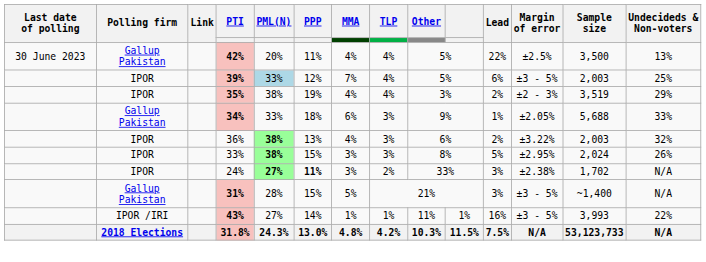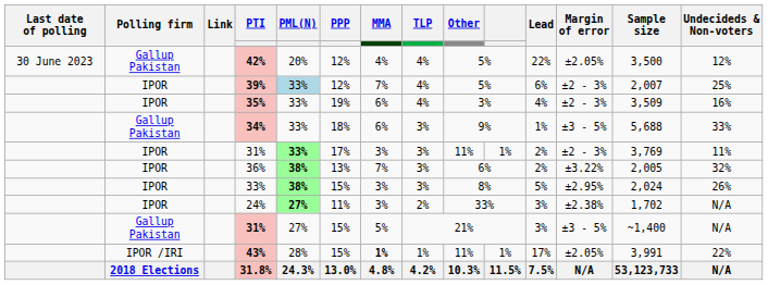 <table class="wikitable sortable" style="text-align:center;font-size:90%;line-height:14px">
 <tr style="height:40px;">
 <th rowspan="2" style="width:105px;">Last date<br>of polling</th>
 <th rowspan="2" style="width:105px;">Polling firm</th>
 <th rowspan="2">Link</th>
 <th class="unsortable" style="width:40px;"><a href='#'>PTI</a></th>
 <th class="unsortable" style="width:40px;"><a href='#'>PML(N)</a></th>
 <th class="unsortable" style="width:40px;"><a href='#'>PPP</a></th>
 <th class="unsortable" style="width:40px;"><a href='#'>MMA</a></th>
 <th class="unsortable" style="width:40px;"><a href='#'>TLP</a></th>
 <th class="unsortable" style="width:40px;"><a href='#'>Other</a></th>
 <th class="unsortable" style="width:40px;"></th>
 <th rowspan="2">Lead</th>
 <th rowspan="2">Margin<br>of error</th>
 <th rowspan="2">Sample<br>size</th>
 <th rowspan="2">Undecideds &<br>Non-voters</th>
 </tr>
 <tr>
 <th style="background:"></th>
 <th style="background:"></th>
 <th style="background:"></th>
 <th style="background:#004000;" data-sort-type="number"></th>
 <th style="background:#01B045;" data-sort-type="number"></th>
 <th style="background:#888888;" data-sort-type="number"></th>
 <th style="background:"></th>
 </tr>
 <tr>
 <td>30 June 2023</td>
 <td><a href='#'>Gallup Pakistan</a></td>
 <td></td>
 <td style="background:rgb(248, 193, 190)"><strong>42%</strong></td>
 <td>20%</td>
-<td>11%</td>
+<td>12%</td>
 <td>4%</td>
 <td>4%</td>
 <td colspan="2">5%</td>
 <td style="background:"><span>22%</span></td>
-<td>±2.5%</td>
+<td>±2.05%</td>
 <td>3,500</td>
-<td>13%</td>
+<td>12%</td>
 </tr>
 <tr>
 <td></td>
 <td>IPOR</td>
 <td></td>
 <td style="background:rgb(248, 193, 190)"><strong>39%</strong></td>
 <td style="background: lightblue;">33%</td>
 <td>12%</td>
 <td>7%</td>
 <td>4%</td>
 <td colspan = "2">5%</td>
 <td style="background:"><span>6%</span></td>
-<td>±3 - 5%</td>
-<td>2,003</td>
+<td>±2 - 3%</td>
+<td>2,007</td>
 <td>25%</td>
 </tr>
 <tr>
 <td></td>
 <td>IPOR</td>
 <td></td>
 <td style="background:rgb(248, 193, 190)"><strong>35%</strong></td>
-<td>38%</td>
+<td>33%</td>
 <td>19%</td>
-<td>4%</td>
+<td>6%</td>
 <td>4%</td>
 <td colspan = "2">3%</td>
-<td style="background:"><span>2%</span></td>
+<td style="background:"><span>4%</span></td>
 <td>±2 - 3%</td>
-<td>3,519</td>
-<td>29%</td>
+<td>3,509</td>
+<td>16%</td>
 </tr>
 <tr>
 <td></td>
 <td><a href='#'>Gallup Pakistan</a></td>
 <td></td>
 <td style="background:rgb(248, 193, 190)"><strong>34%</strong></td>
 <td>33%</td>
 <td>18%</td>
 <td>6%</td>
 <td>3%</td>
 <td colspan = "2">9%</td>
 <td style="background:"><span>1%</span></td>
-<td>±2.05%</td>
+<td>±3 - 5%</td>
 <td>5,688</td>
 <td>33%</td>
+</tr>
+<tr>
+<td></td>
+<td>IPOR</td>
+<td></td>
+<td>31%</td>
+<td style="background:rgb(153, 255, 153)"><strong>33%</strong></td>
+<td>17%</td>
+<td>3%</td>
+<td>3%</td>
+<td>11%</td>
+<td>1%</td>
+<td style="background:"><span>2%</span></td>
+<td>±2 - 3%</td>
+<td>3,769</td>
+<td>11%</td>
 </tr>
 <tr>
 <td></td>
 <td>IPOR</td>
 <td></td>
 <td>36%</td>
 <td style="background:rgb(153, 255, 153)"><strong>38%</strong></td>
 <td>13%</td>
-<td>4%</td>
+<td>7%</td>
 <td>3%</td>
 <td colspan = "2">6%</td>
 <td style="background:"><span>2%</span></td>
 <td>±3.22%</td>
-<td>2,003</td>
+<td>2,005</td>
 <td>32%</td>
 </tr>
 <tr>
 <td></td>
 <td>IPOR</td>
 <td></td>
 <td>33%</td>
 <td style="background:rgb(153, 255, 153)"><strong>38%</strong></td>
 <td>15%</td>
 <td>3%</td>
 <td>3%</td>
 <td colspan = "2">8%</td>
 <td style="background:"><span>5%</span></td>
 <td>±2.95%</td>
 <td>2,024</td>
 <td>26%</td>
 </tr>
 <tr>
 <td></td>
 <td>IPOR</td>
 <td></td>
 <td>24%</td>
 <td style="background:rgb(153, 255, 153)"><strong>27%</strong></td>
-<td><strong>11%</strong></td>
+<td>11%</td>
 <td>3%</td>
 <td>2%</td>
 <td colspan = "2">33%</td>
 <td style="background:"><span>3%</span></td>
 <td>±2.38%</td>
 <td>1,702</td>
 <td>N/A</td>
 </tr>
 <tr>
 <td></td>
 <td><a href='#'>Gallup Pakistan</a></td>
 <td></td>
 <td style="background:rgb(248, 193, 190)"><strong>31%</strong></td>
-<td>28%</td>
+<td>27%</td>
 <td>15%</td>
 <td>5%</td>
 <td colspan = "3">21%</td>
 <td style="background:"><span>3%</span></td>
 <td>±3 - 5%</td>
 <td>~1,400</td>
 <td>N/A</td>
 </tr>
 <tr>
 <td></td>
 <td>IPOR /IRI</td>
 <td></td>
 <td style="background:rgb(248, 193, 190)"><strong>43%</strong></td>
-<td>27%</td>
-<td>14%</td>
-<td>1%</td>
+<td>28%</td>
+<td>15%</td>
+<td><strong>1%</strong></td>
 <td>1%</td>
 <td>11%</td>
 <td>1%</td>
-<td style="background:"><span>16%</span></td>
-<td>±3 - 5%</td>
-<td>3,993</td>
+<td style="background:"><span>17%</span></td>
+<td>±2.05%</td>
+<td>3,991</td>
 <td>22%</td>
 </tr>
 <tr>
 <th></th>
 <th><a href='#'>2018 Elections</a></th>
 <th></th>
 <th style="background:rgb(248, 193, 190)"><strong>31.8%</strong></th>
 <th>24.3%</th>
 <th>13.0%</th>
 <th>4.8%</th>
 <th>4.2%</th>
 <th>10.3%</th>
 <th>11.5%</th>
 <th style="background:"><span>7.5%</span></th>
 <th>N/A</th>
 <th>53,123,733</th>
 <th>N/A</th>
 </tr>
 </table>
